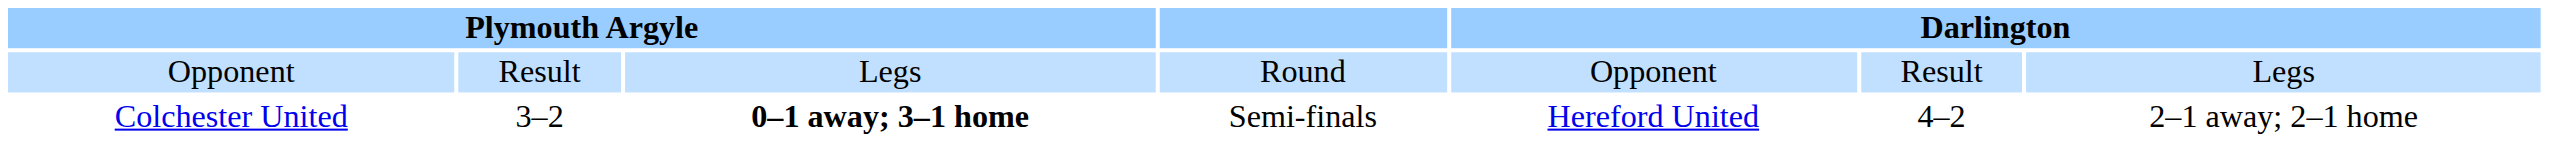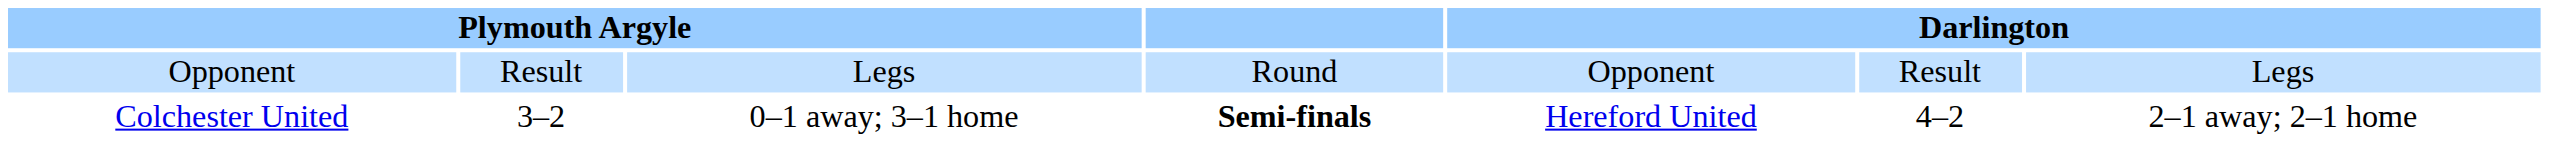 <table width="100%" bgcolor=white>
 <tr valign=top bgcolor=#99ccff>
 <th colspan=3 style="width:1*"><strong>Plymouth Argyle</strong></th>
 <th></th>
 <th colspan=3 style="width:1*"><strong>Darlington</strong></th>
 </tr>
 <tr valign=top align="center" bgcolor=#c1e0ff>
 <td>Opponent</td>
 <td>Result</td>
 <td>Legs</td>
 <td>Round</td>
 <td>Opponent</td>
 <td>Result</td>
 <td>Legs</td>
 </tr>
 <tr align="center">
 <td><a href='#'>Colchester United</a></td>
 <td>3–2</td>
-<td><strong>0–1 away; 3–1 home</strong></td>
-<td>Semi-finals</td>
+<td>0–1 away; 3–1 home</td>
+<td><strong>Semi-finals</strong></td>
 <td><a href='#'>Hereford United</a></td>
 <td>4–2</td>
 <td>2–1 away; 2–1 home</td>
 </tr>
 </table>
